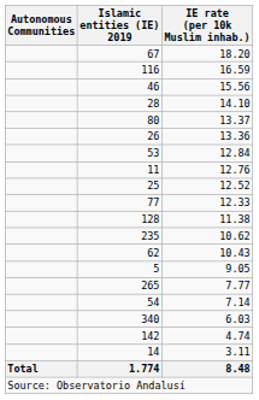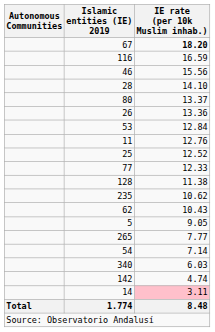 <table class="wikitable sortable">
 <tr>
 <th>Autonomous <br> Communities</th>
 <th>Islamic <br> entities (IE) <br>2019</th>
 <th>IE rate <br> (per 10k <br>Muslim inhab.)</th>
 </tr>
 <tr>
 <td></td>
 <td style="text-align:right;">67</td>
-<td style="text-align:right;">18.20</td>
+<td style="text-align:right;"><strong>18.20</strong></td>
 </tr>
 <tr>
 <td></td>
 <td style="text-align:right;">116</td>
 <td style="text-align:right;">16.59</td>
 </tr>
 <tr>
 <td></td>
 <td style="text-align:right;">46</td>
 <td style="text-align:right;">15.56</td>
 </tr>
 <tr>
 <td></td>
 <td style="text-align:right;">28</td>
 <td style="text-align:right;">14.10</td>
 </tr>
 <tr>
 <td></td>
 <td style="text-align:right;">80</td>
 <td style="text-align:right;">13.37</td>
 </tr>
 <tr>
 <td></td>
 <td style="text-align:right;">26</td>
 <td style="text-align:right;">13.36</td>
 </tr>
 <tr>
 <td></td>
 <td style="text-align:right;">53</td>
 <td style="text-align:right;">12.84</td>
 </tr>
 <tr>
 <td></td>
 <td style="text-align:right;">11</td>
 <td style="text-align:right;">12.76</td>
 </tr>
 <tr>
 <td></td>
 <td style="text-align:right;">25</td>
 <td style="text-align:right;">12.52</td>
 </tr>
 <tr>
 <td></td>
 <td style="text-align:right;">77</td>
 <td style="text-align:right;">12.33</td>
 </tr>
 <tr>
 <td></td>
 <td style="text-align:right;">128</td>
 <td style="text-align:right;">11.38</td>
 </tr>
 <tr>
 <td></td>
 <td style="text-align:right;">235</td>
 <td style="text-align:right;">10.62</td>
 </tr>
 <tr>
 <td></td>
 <td style="text-align:right;">62</td>
 <td style="text-align:right;">10.43</td>
 </tr>
 <tr>
 <td></td>
 <td style="text-align:right;">5</td>
 <td style="text-align:right;">9.05</td>
 </tr>
 <tr>
 <td></td>
 <td style="text-align:right;">265</td>
 <td style="text-align:right;">7.77</td>
 </tr>
 <tr>
 <td></td>
 <td style="text-align:right;">54</td>
 <td style="text-align:right;">7.14</td>
 </tr>
 <tr>
 <td></td>
 <td style="text-align:right;">340</td>
 <td style="text-align:right;">6.03</td>
 </tr>
 <tr>
 <td></td>
 <td style="text-align:right;">142</td>
 <td style="text-align:right;">4.74</td>
 </tr>
 <tr>
 <td></td>
 <td style="text-align:right;">14</td>
-<td style="text-align:right;">3.11</td>
+<td style="background: pink; text-align:right;">3.11</td>
 </tr>
 <tr>
 <th style="text-align:left;">Total</th>
 <th style="text-align:right;">1.774</th>
 <th style="text-align:right;">8.48</th>
 </tr>
 <tr>
 <td colspan="3">Source: Observatorio Andalusí</td>
 </tr>
 </table>
